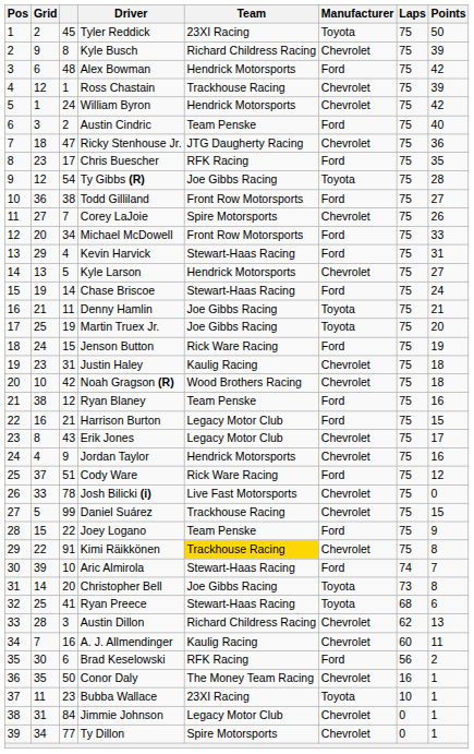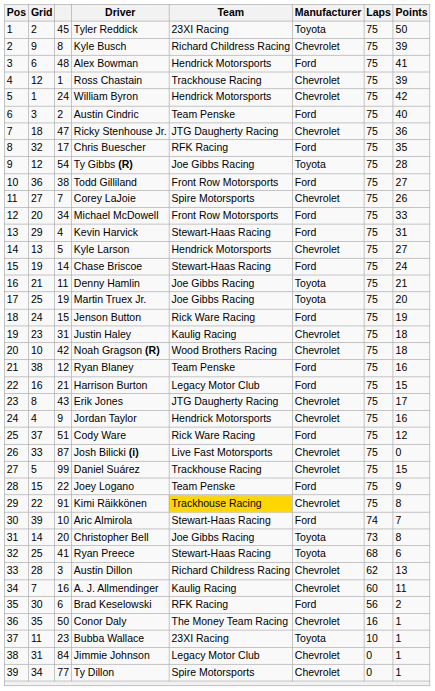 <table class="wikitable" style="font-size:98%">
 <tr>
 <th>Pos</th>
 <th>Grid</th>
 <th></th>
 <th>Driver</th>
 <th>Team</th>
 <th>Manufacturer</th>
 <th>Laps</th>
 <th>Points</th>
 </tr>
 <tr>
 <td>1</td>
 <td>2</td>
 <td>45</td>
 <td>Tyler Reddick</td>
 <td>23XI Racing</td>
 <td>Toyota</td>
 <td>75</td>
 <td>50</td>
 </tr>
 <tr>
 <td>2</td>
 <td>9</td>
 <td>8</td>
 <td>Kyle Busch</td>
 <td>Richard Childress Racing</td>
 <td>Chevrolet</td>
 <td>75</td>
 <td>39</td>
 </tr>
 <tr>
 <td>3</td>
 <td>6</td>
 <td>48</td>
 <td>Alex Bowman</td>
 <td>Hendrick Motorsports</td>
 <td>Ford</td>
 <td>75</td>
-<td>42</td>
+<td>41</td>
 </tr>
 <tr>
 <td>4</td>
 <td>12</td>
 <td>1</td>
 <td>Ross Chastain</td>
 <td>Trackhouse Racing</td>
 <td>Chevrolet</td>
 <td>75</td>
 <td>39</td>
 </tr>
 <tr>
 <td>5</td>
 <td>1</td>
 <td>24</td>
 <td>William Byron</td>
 <td>Hendrick Motorsports</td>
 <td>Chevrolet</td>
 <td>75</td>
 <td>42</td>
 </tr>
 <tr>
 <td>6</td>
 <td>3</td>
 <td>2</td>
 <td>Austin Cindric</td>
 <td>Team Penske</td>
 <td>Ford</td>
 <td>75</td>
 <td>40</td>
 </tr>
 <tr>
 <td>7</td>
 <td>18</td>
 <td>47</td>
 <td>Ricky Stenhouse Jr.</td>
 <td>JTG Daugherty Racing</td>
 <td>Chevrolet</td>
 <td>75</td>
 <td>36</td>
 </tr>
 <tr>
 <td>8</td>
-<td>23</td>
+<td>32</td>
 <td>17</td>
 <td>Chris Buescher</td>
 <td>RFK Racing</td>
 <td>Ford</td>
 <td>75</td>
 <td>35</td>
 </tr>
 <tr>
 <td>9</td>
 <td>12</td>
 <td>54</td>
 <td>Ty Gibbs <strong>(R)</strong></td>
 <td>Joe Gibbs Racing</td>
 <td>Toyota</td>
 <td>75</td>
 <td>28</td>
 </tr>
 <tr>
 <td>10</td>
 <td>36</td>
 <td>38</td>
 <td>Todd Gilliland</td>
 <td>Front Row Motorsports</td>
 <td>Ford</td>
 <td>75</td>
 <td>27</td>
 </tr>
 <tr>
 <td>11</td>
 <td>27</td>
 <td>7</td>
 <td>Corey LaJoie</td>
 <td>Spire Motorsports</td>
 <td>Chevrolet</td>
 <td>75</td>
 <td>26</td>
 </tr>
 <tr>
 <td>12</td>
 <td>20</td>
 <td>34</td>
 <td>Michael McDowell</td>
 <td>Front Row Motorsports</td>
 <td>Ford</td>
 <td>75</td>
 <td>33</td>
 </tr>
 <tr>
 <td>13</td>
 <td>29</td>
 <td>4</td>
 <td>Kevin Harvick</td>
 <td>Stewart-Haas Racing</td>
 <td>Ford</td>
 <td>75</td>
 <td>31</td>
 </tr>
 <tr>
 <td>14</td>
 <td>13</td>
 <td>5</td>
 <td>Kyle Larson</td>
 <td>Hendrick Motorsports</td>
 <td>Chevrolet</td>
 <td>75</td>
 <td>27</td>
 </tr>
 <tr>
 <td>15</td>
 <td>19</td>
 <td>14</td>
 <td>Chase Briscoe</td>
 <td>Stewart-Haas Racing</td>
 <td>Ford</td>
 <td>75</td>
 <td>24</td>
 </tr>
 <tr>
 <td>16</td>
 <td>21</td>
 <td>11</td>
 <td>Denny Hamlin</td>
 <td>Joe Gibbs Racing</td>
 <td>Toyota</td>
 <td>75</td>
 <td>21</td>
 </tr>
 <tr>
 <td>17</td>
 <td>25</td>
 <td>19</td>
 <td>Martin Truex Jr.</td>
 <td>Joe Gibbs Racing</td>
 <td>Toyota</td>
 <td>75</td>
 <td>20</td>
 </tr>
 <tr>
 <td>18</td>
 <td>24</td>
 <td>15</td>
 <td>Jenson Button</td>
 <td>Rick Ware Racing</td>
 <td>Ford</td>
 <td>75</td>
 <td>19</td>
 </tr>
 <tr>
 <td>19</td>
 <td>23</td>
 <td>31</td>
 <td>Justin Haley</td>
 <td>Kaulig Racing</td>
 <td>Chevrolet</td>
 <td>75</td>
 <td>18</td>
 </tr>
 <tr>
 <td>20</td>
 <td>10</td>
 <td>42</td>
 <td>Noah Gragson <strong>(R)</strong></td>
 <td>Wood Brothers Racing</td>
 <td>Chevrolet</td>
 <td>75</td>
 <td>18</td>
 </tr>
 <tr>
 <td>21</td>
 <td>38</td>
 <td>12</td>
 <td>Ryan Blaney</td>
 <td>Team Penske</td>
 <td>Ford</td>
 <td>75</td>
 <td>16</td>
 </tr>
 <tr>
 <td>22</td>
 <td>16</td>
 <td>21</td>
 <td>Harrison Burton</td>
 <td>Legacy Motor Club</td>
 <td>Ford</td>
 <td>75</td>
 <td>15</td>
 </tr>
 <tr>
 <td>23</td>
 <td>8</td>
 <td>43</td>
 <td>Erik Jones</td>
-<td>Legacy Motor Club</td>
+<td>JTG Daugherty Racing</td>
 <td>Chevrolet</td>
 <td>75</td>
 <td>17</td>
 </tr>
 <tr>
 <td>24</td>
 <td>4</td>
 <td>9</td>
 <td>Jordan Taylor</td>
 <td>Hendrick Motorsports</td>
 <td>Chevrolet</td>
 <td>75</td>
 <td>16</td>
 </tr>
 <tr>
 <td>25</td>
 <td>37</td>
 <td>51</td>
 <td>Cody Ware</td>
 <td>Rick Ware Racing</td>
 <td>Ford</td>
 <td>75</td>
 <td>12</td>
 </tr>
 <tr>
 <td>26</td>
 <td>33</td>
-<td>78</td>
+<td>87</td>
 <td>Josh Bilicki <strong>(i)</strong></td>
 <td>Live Fast Motorsports</td>
 <td>Chevrolet</td>
 <td>75</td>
 <td>0</td>
 </tr>
 <tr>
 <td>27</td>
 <td>5</td>
 <td>99</td>
 <td>Daniel Suárez</td>
 <td>Trackhouse Racing</td>
 <td>Chevrolet</td>
 <td>75</td>
 <td>15</td>
 </tr>
 <tr>
 <td>28</td>
 <td>15</td>
 <td>22</td>
 <td>Joey Logano</td>
 <td>Team Penske</td>
 <td>Ford</td>
 <td>75</td>
 <td>9</td>
 </tr>
 <tr>
 <td>29</td>
 <td>22</td>
 <td>91</td>
 <td>Kimi Räikkönen</td>
 <td style="background: gold;">Trackhouse Racing</td>
 <td>Chevrolet</td>
 <td>75</td>
 <td>8</td>
 </tr>
 <tr>
 <td>30</td>
 <td>39</td>
 <td>10</td>
 <td>Aric Almirola</td>
 <td>Stewart-Haas Racing</td>
 <td>Ford</td>
 <td>74</td>
 <td>7</td>
 </tr>
 <tr>
 <td>31</td>
 <td>14</td>
 <td>20</td>
 <td>Christopher Bell</td>
 <td>Joe Gibbs Racing</td>
 <td>Toyota</td>
 <td>73</td>
 <td>8</td>
 </tr>
 <tr>
 <td>32</td>
 <td>25</td>
 <td>41</td>
 <td>Ryan Preece</td>
 <td>Stewart-Haas Racing</td>
 <td>Toyota</td>
 <td>68</td>
 <td>6</td>
 </tr>
 <tr>
 <td>33</td>
 <td>28</td>
 <td>3</td>
 <td>Austin Dillon</td>
 <td>Richard Childress Racing</td>
 <td>Chevrolet</td>
 <td>62</td>
 <td>13</td>
 </tr>
 <tr>
 <td>34</td>
 <td>7</td>
 <td>16</td>
 <td>A. J. Allmendinger</td>
 <td>Kaulig Racing</td>
 <td>Chevrolet</td>
 <td>60</td>
 <td>11</td>
 </tr>
 <tr>
 <td>35</td>
 <td>30</td>
 <td>6</td>
 <td>Brad Keselowski</td>
 <td>RFK Racing</td>
 <td>Ford</td>
 <td>56</td>
 <td>2</td>
 </tr>
 <tr>
 <td>36</td>
 <td>35</td>
 <td>50</td>
 <td>Conor Daly</td>
 <td>The Money Team Racing</td>
 <td>Chevrolet</td>
 <td>16</td>
 <td>1</td>
 </tr>
 <tr>
 <td>37</td>
 <td>11</td>
 <td>23</td>
 <td>Bubba Wallace</td>
 <td>23XI Racing</td>
 <td>Toyota</td>
 <td>10</td>
 <td>1</td>
 </tr>
 <tr>
 <td>38</td>
 <td>31</td>
 <td>84</td>
 <td>Jimmie Johnson</td>
 <td>Legacy Motor Club</td>
 <td>Chevrolet</td>
 <td>0</td>
 <td>1</td>
 </tr>
 <tr>
 <td>39</td>
 <td>34</td>
 <td>77</td>
 <td>Ty Dillon</td>
 <td>Spire Motorsports</td>
 <td>Chevrolet</td>
 <td>0</td>
 <td>1</td>
 </tr>
 <tr>
 <th colspan="8"></th>
 </tr>
 </table>
